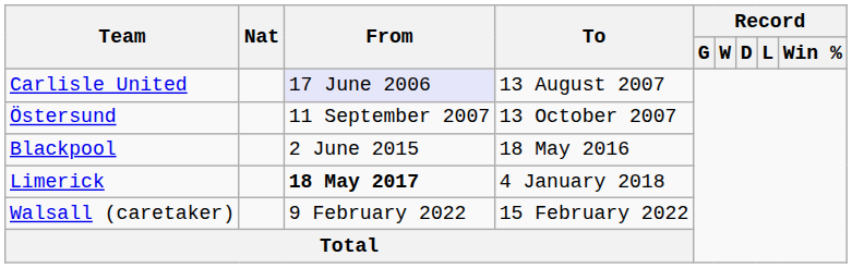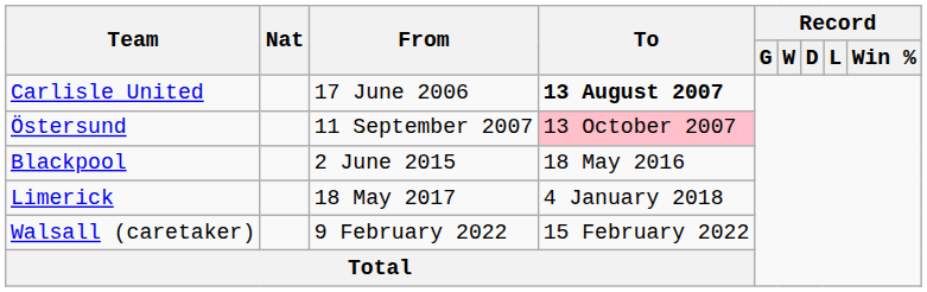 <table class="wikitable" style="text-align: center">
 <tr>
 <th rowspan=2>Team</th>
 <th rowspan=2>Nat</th>
 <th rowspan=2>From</th>
 <th rowspan=2>To</th>
 <th colspan=5>Record</th>
 </tr>
 <tr>
 <th>G</th>
 <th>W</th>
 <th>D</th>
 <th>L</th>
 <th>Win %</th>
 </tr>
 <tr>
 <td align=left><a href='#'>Carlisle United</a></td>
 <td></td>
-<td align=left style="background: lavender;">17 June 2006</td>
-<td align=left>13 August 2007<br></td>
+<td align=left>17 June 2006</td>
+<td align=left><strong>13 August 2007<br></strong></td>
 </tr>
 <tr>
 <td align=left><a href='#'>Östersund</a></td>
 <td></td>
 <td align=left>11 September 2007</td>
-<td align=left>13 October 2007<br></td>
+<td align=left style="background: pink;">13 October 2007<br></td>
 </tr>
 <tr>
 <td align=left><a href='#'>Blackpool</a></td>
 <td></td>
 <td align=left>2 June 2015</td>
 <td align=left>18 May 2016<br></td>
 </tr>
 <tr>
 <td align=left><a href='#'>Limerick</a></td>
 <td></td>
-<td align=left><strong>18 May 2017</strong></td>
+<td align=left>18 May 2017</td>
 <td align=left>4 January 2018<br></td>
 </tr>
 <tr>
 <td align=left><a href='#'>Walsall</a> (caretaker)</td>
 <td></td>
 <td align=left>9 February 2022</td>
 <td align=left>15 February 2022<br></td>
 </tr>
 <tr>
 <th colspan=4>Total<br></th>
 </tr>
 </table>
